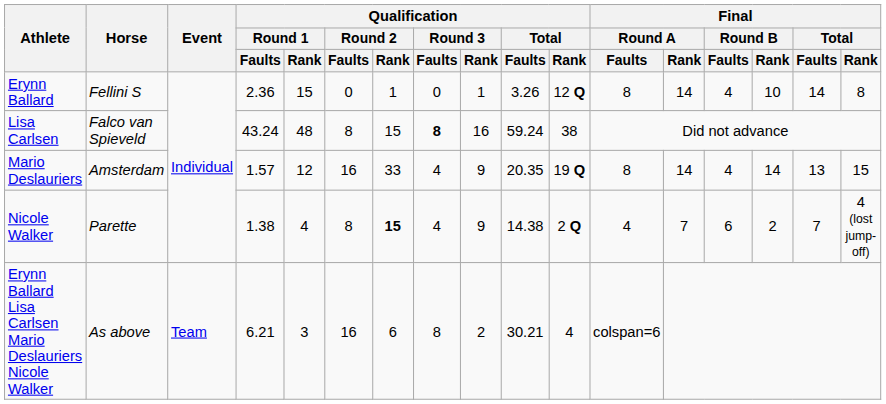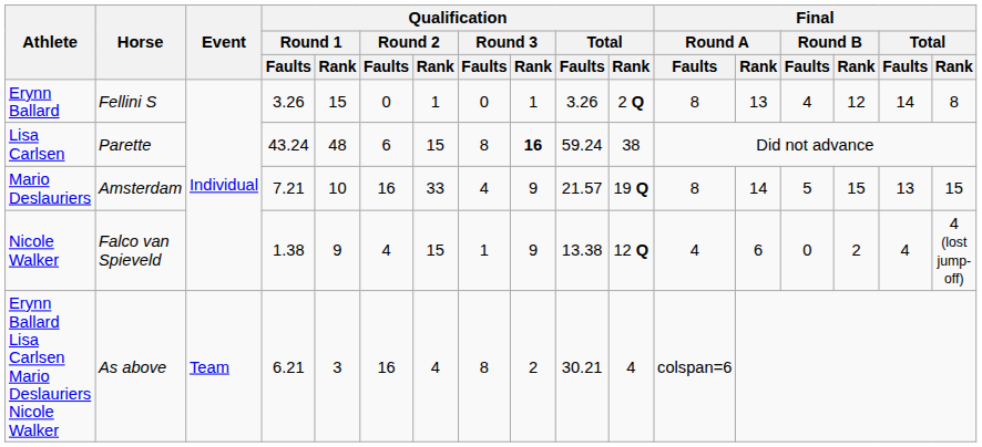 <table class=wikitable style=font-size:90%;text-align:center>
 <tr>
 <th rowspan=3>Athlete</th>
 <th rowspan=3>Horse</th>
 <th rowspan=3>Event</th>
 <th colspan=8>Qualification</th>
 <th colspan=6>Final</th>
 </tr>
 <tr style=font-size:95%>
 <th colspan=2>Round 1</th>
 <th colspan=2>Round 2</th>
 <th colspan=2>Round 3</th>
 <th colspan=2>Total</th>
 <th colspan=2>Round A</th>
 <th colspan=2>Round B</th>
 <th colspan=2>Total</th>
 </tr>
 <tr style=font-size:95%>
 <th>Faults</th>
 <th>Rank</th>
 <th>Faults</th>
 <th>Rank</th>
 <th>Faults</th>
 <th>Rank</th>
 <th>Faults</th>
 <th>Rank</th>
 <th>Faults</th>
 <th>Rank</th>
 <th>Faults</th>
 <th>Rank</th>
 <th>Faults</th>
 <th>Rank</th>
 </tr>
 <tr>
 <td align=left><a href='#'>Erynn Ballard</a></td>
 <td align=left><em>Fellini S</em></td>
 <td align=left rowspan=4><a href='#'>Individual</a></td>
-<td>2.36</td>
+<td>3.26</td>
 <td>15</td>
 <td>0</td>
 <td>1</td>
 <td>0</td>
 <td>1</td>
 <td>3.26</td>
-<td>12 <strong>Q</strong></td>
+<td>2 <strong>Q</strong></td>
 <td>8</td>
-<td>14</td>
+<td>13</td>
 <td>4</td>
-<td>10</td>
+<td>12</td>
 <td>14</td>
 <td>8</td>
 </tr>
 <tr>
 <td align=left><a href='#'>Lisa Carlsen</a></td>
-<td align=left><em>Falco van Spieveld</em></td>
+<td align=left><em>Parette</em></td>
 <td>43.24</td>
 <td>48</td>
+<td>6</td>
+<td>15</td>
 <td>8</td>
-<td>15</td>
-<td><strong>8</strong></td>
-<td>16</td>
+<td><strong>16</strong></td>
 <td>59.24</td>
 <td>38</td>
 <td colspan=6>Did not advance</td>
 </tr>
 <tr>
 <td align=left><a href='#'>Mario Deslauriers</a></td>
 <td align=left><em>Amsterdam</em></td>
-<td>1.57</td>
-<td>12</td>
+<td>7.21</td>
+<td>10</td>
 <td>16</td>
 <td>33</td>
 <td>4</td>
 <td>9</td>
-<td>20.35</td>
+<td>21.57</td>
 <td>19 <strong>Q</strong></td>
 <td>8</td>
 <td>14</td>
-<td>4</td>
-<td>14</td>
+<td>5</td>
+<td>15</td>
 <td>13</td>
 <td>15</td>
 </tr>
 <tr>
 <td align=left><a href='#'>Nicole Walker</a></td>
-<td align=left><em>Parette</em></td>
+<td align=left><em>Falco van Spieveld</em></td>
 <td>1.38</td>
+<td>9</td>
 <td>4</td>
-<td>8</td>
-<td><strong>15</strong></td>
+<td>15</td>
+<td>1</td>
+<td>9</td>
+<td>13.38</td>
+<td>12 <strong>Q</strong></td>
 <td>4</td>
-<td>9</td>
-<td>14.38</td>
-<td>2 <strong>Q</strong></td>
+<td>6</td>
+<td>0</td>
+<td>2</td>
 <td>4</td>
-<td>7</td>
-<td>6</td>
-<td>2</td>
-<td>7</td>
 <td>4 <small>(lost jump-off)</small></td>
 </tr>
 <tr>
 <td align=left><a href='#'>Erynn Ballard</a><br><a href='#'>Lisa Carlsen</a><br><a href='#'>Mario Deslauriers</a><br><a href='#'>Nicole Walker</a></td>
 <td align=left><em>As above</em></td>
 <td align=left><a href='#'>Team</a></td>
 <td>6.21</td>
 <td>3</td>
 <td>16</td>
-<td>6</td>
+<td>4</td>
 <td>8</td>
 <td>2</td>
 <td>30.21</td>
 <td>4</td>
 <td>colspan=6 </td>
 </tr>
 </table>
